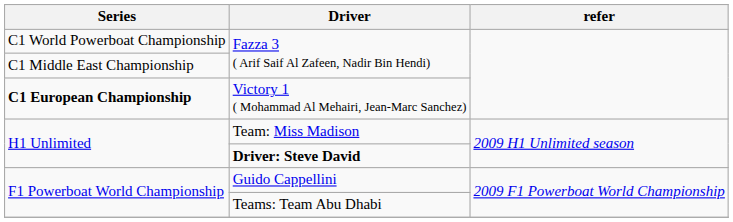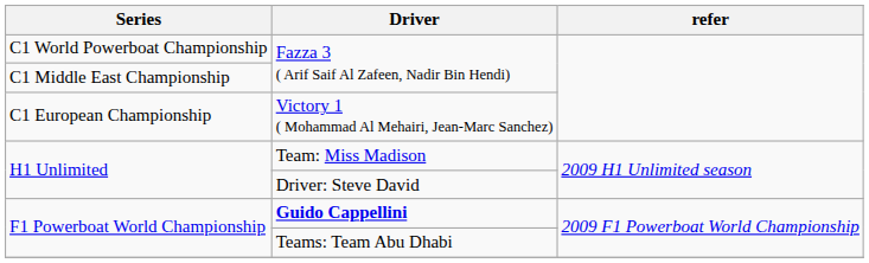 <table class="wikitable" style="font-size: 87%;">
 <tr>
 <th>Series</th>
 <th>Driver</th>
 <th>refer</th>
 </tr>
 <tr>
 <td>C1 World Powerboat Championship</td>
 <td rowspan=2> <a href='#'>Fazza 3</a><br><small>( Arif Saif Al Zafeen,  Nadir Bin Hendi)</small></td>
 <td rowspan=3></td>
 </tr>
 <tr>
 <td>C1 Middle East Championship</td>
 </tr>
 <tr>
-<td><strong>C1 European Championship</strong></td>
+<td>C1 European Championship</td>
 <td> <a href='#'>Victory 1</a><br><small>( Mohammad Al Mehairi,  Jean-Marc Sanchez)</small></td>
 </tr>
 <tr>
 <td rowspan=2><a href='#'>H1 Unlimited</a></td>
 <td>Team:  <a href='#'>Miss Madison</a></td>
 <td rowspan=2><em><a href='#'>2009 H1 Unlimited season</a></em></td>
 </tr>
 <tr>
-<td><strong>Driver:  Steve David</strong></td>
+<td>Driver:  Steve David</td>
 </tr>
 <tr>
 <td rowspan=2><a href='#'>F1 Powerboat World Championship</a></td>
-<td> <a href='#'>Guido Cappellini</a></td>
+<td><strong> <a href='#'>Guido Cappellini</a></strong></td>
 <td rowspan=2><em><a href='#'>2009 F1 Powerboat World Championship</a></em></td>
 </tr>
 <tr>
 <td>Teams:  Team Abu Dhabi</td>
 </tr>
 <tr>
 </tr>
 </table>
